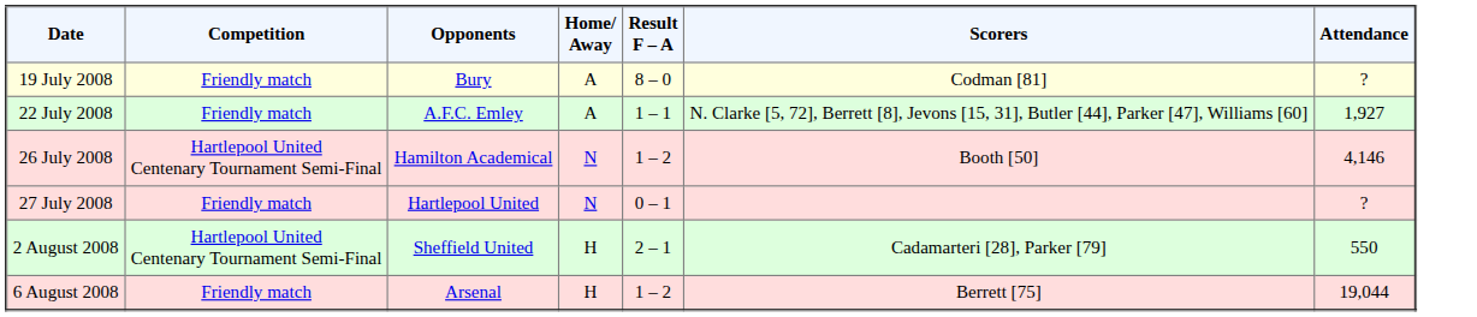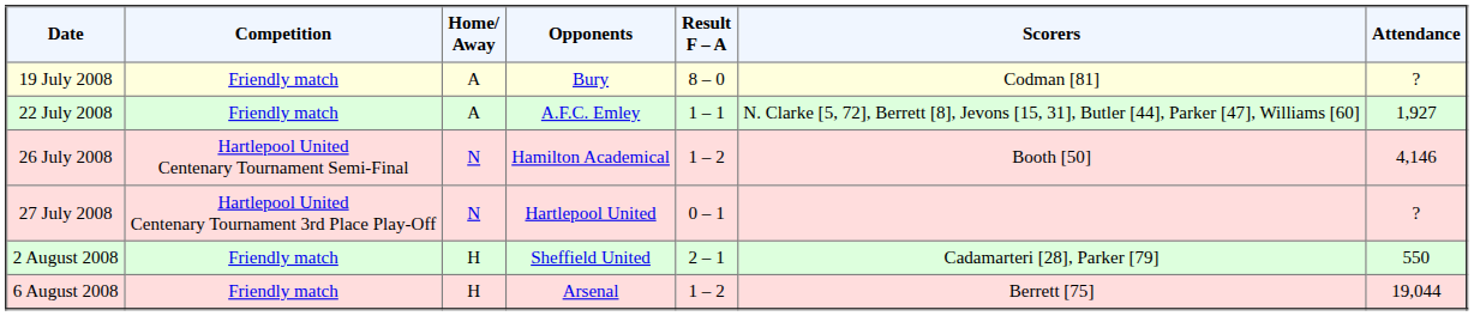 <table border="2" cellpadding="4" style="border-collapse:collapse; text-align:center; font-size:smaller;">
 <tr style="background:#f0f6ff;">
 <th><strong>Date</strong></th>
 <th><strong>Competition</strong></th>
+<th><strong>Home/<br>Away</strong></th>
 <th><strong>Opponents</strong></th>
-<th><strong>Home/<br>Away</strong></th>
 <th><strong>Result<br>F – A</strong></th>
 <th><strong>Scorers</strong></th>
 <th><strong>Attendance</strong></th>
 </tr>
 <tr bgcolor="#ffffdd">
 <td>19 July 2008</td>
 <td><a href='#'>Friendly match</a></td>
+<td>A</td>
 <td><a href='#'>Bury</a></td>
-<td>A</td>
 <td>8 – 0</td>
 <td>Codman [81]</td>
 <td>?</td>
 </tr>
 <tr bgcolor="#ddffdd">
 <td>22 July 2008</td>
 <td><a href='#'>Friendly match</a></td>
+<td>A</td>
 <td><a href='#'>A.F.C. Emley</a></td>
-<td>A</td>
 <td>1 – 1</td>
 <td>N. Clarke [5, 72], Berrett [8], Jevons [15, 31], Butler [44], Parker [47], Williams [60]</td>
 <td>1,927</td>
 </tr>
 <tr bgcolor="#ffdddd">
 <td>26 July 2008</td>
 <td><a href='#'>Hartlepool United</a><br>Centenary Tournament Semi-Final</td>
+<td><a href='#'>N</a></td>
 <td><a href='#'>Hamilton Academical</a></td>
-<td><a href='#'>N</a></td>
 <td>1 – 2</td>
 <td>Booth [50]</td>
 <td>4,146</td>
 </tr>
 <tr bgcolor="#ffdddd">
 <td>27 July 2008</td>
-<td><a href='#'>Friendly match</a></td>
+<td><a href='#'>Hartlepool United</a><br>Centenary Tournament 3rd Place Play-Off</td>
+<td><a href='#'>N</a></td>
 <td><a href='#'>Hartlepool United</a></td>
-<td><a href='#'>N</a></td>
 <td>0 – 1</td>
 <td></td>
 <td>?</td>
 </tr>
 <tr bgcolor="#ddffdd">
 <td>2 August 2008</td>
-<td><a href='#'>Hartlepool United</a><br>Centenary Tournament Semi-Final</td>
+<td><a href='#'>Friendly match</a></td>
+<td>H</td>
 <td><a href='#'>Sheffield United</a></td>
-<td>H</td>
 <td>2 – 1</td>
 <td>Cadamarteri [28], Parker [79]</td>
 <td>550</td>
 </tr>
 <tr bgcolor="#ffdddd">
 <td>6 August 2008</td>
 <td><a href='#'>Friendly match</a></td>
+<td>H</td>
 <td><a href='#'>Arsenal</a></td>
-<td>H</td>
 <td>1 – 2</td>
 <td>Berrett [75]</td>
 <td>19,044</td>
 </tr>
 </table>
